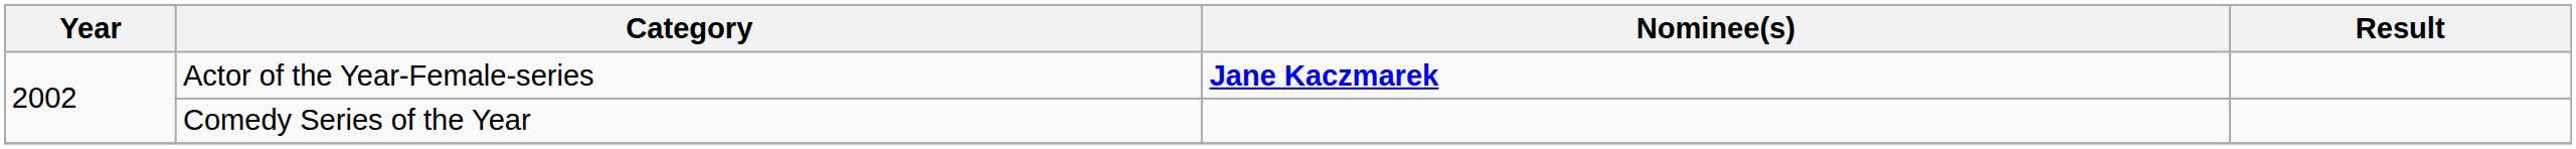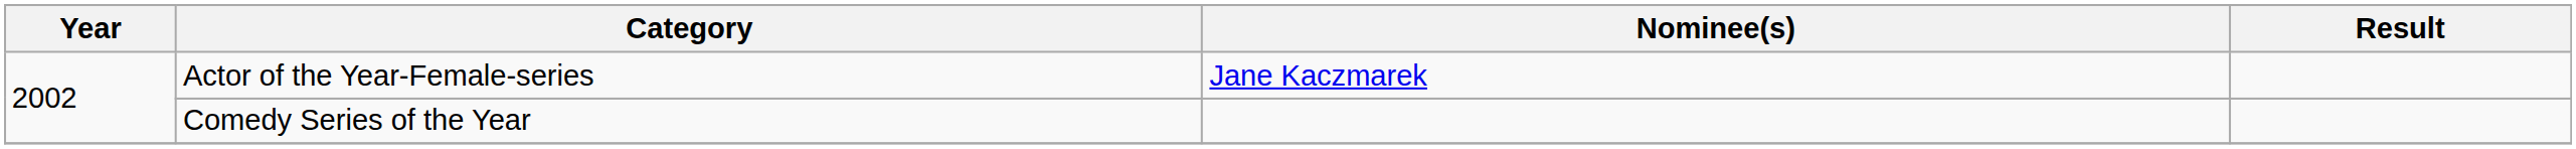 <table class="wikitable" style="font-size: 90%" width=100%>
 <tr>
 <th width="5%">Year</th>
 <th width="30%">Category</th>
 <th width="30%">Nominee(s)</th>
 <th width="10%">Result</th>
 </tr>
 <tr>
 <td rowspan="2">2002</td>
 <td>Actor of the Year-Female-series</td>
-<td><strong><a href='#'>Jane Kaczmarek</a></strong></td>
+<td><a href='#'>Jane Kaczmarek</a></td>
 <td></td>
 </tr>
 <tr>
 <td>Comedy Series of the Year</td>
 <td></td>
 <td></td>
 </tr>
 <tr>
 </tr>
 </table>
